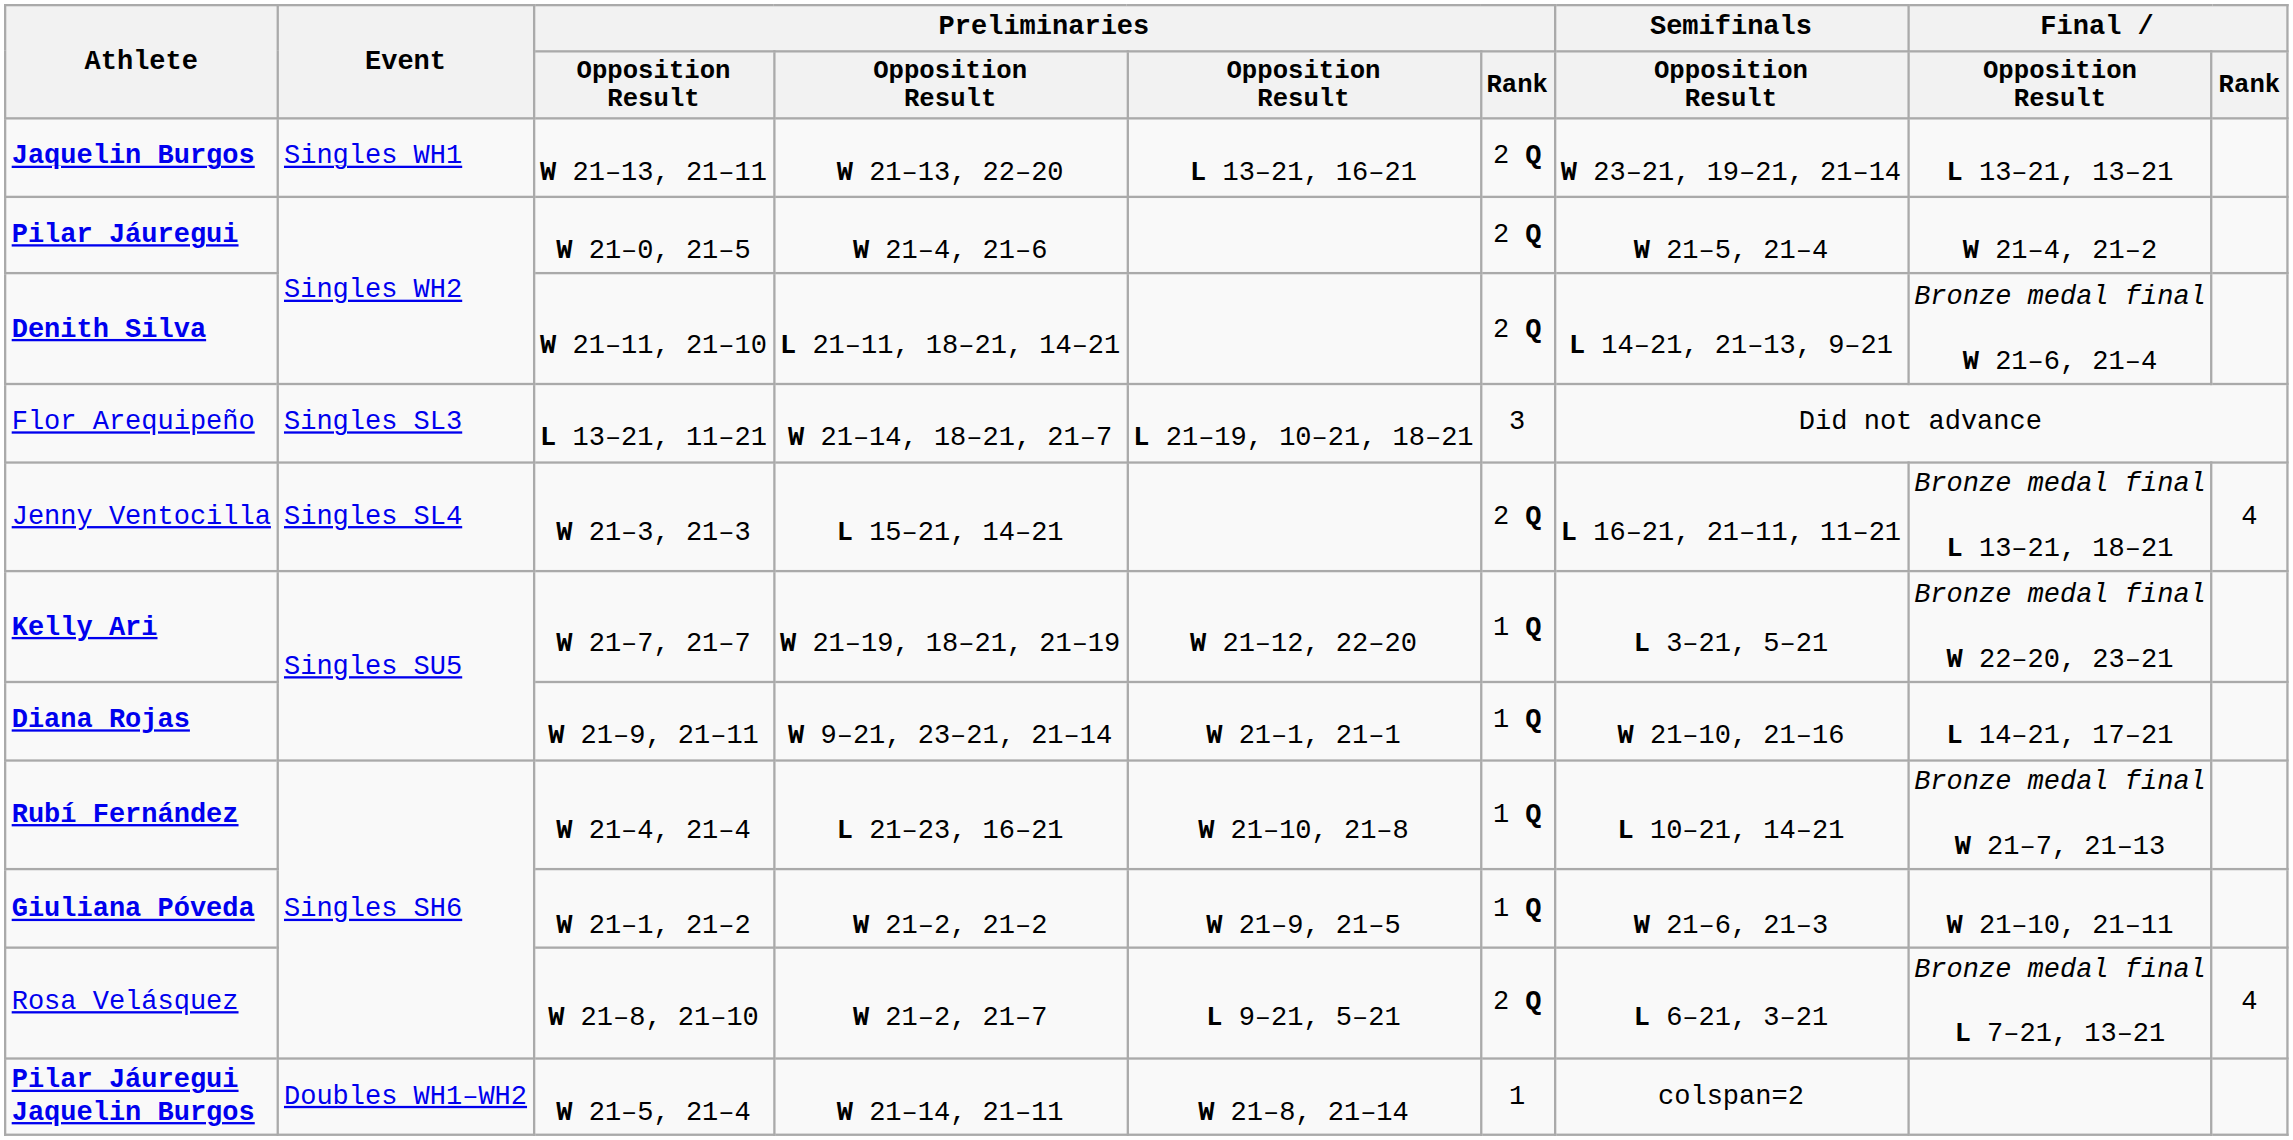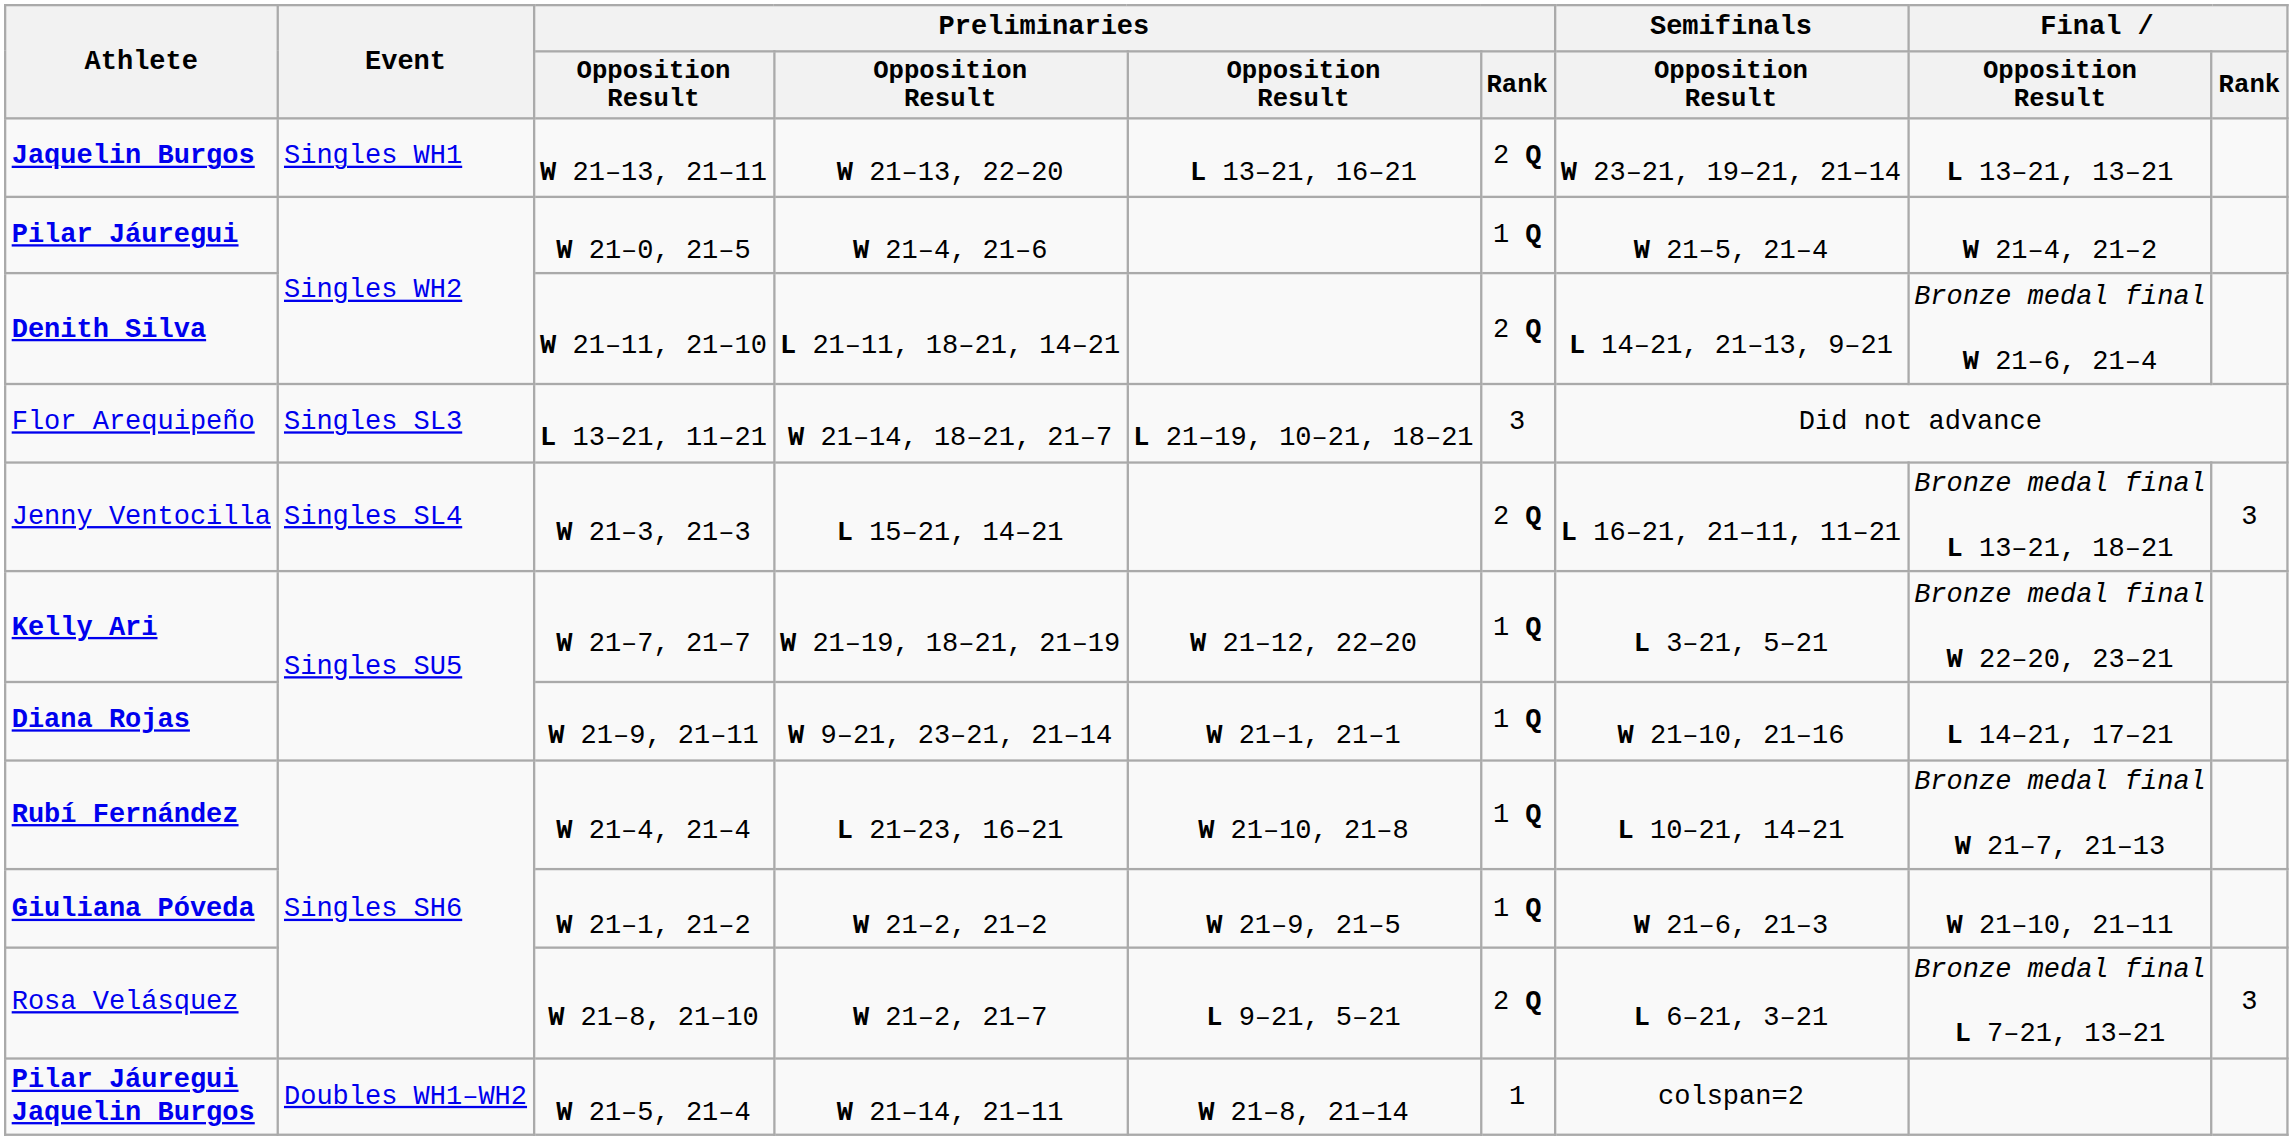 <table class=wikitable style="font-size:90%">
 <tr>
 <th rowspan="2">Athlete</th>
 <th rowspan="2">Event</th>
 <th colspan="4">Preliminaries</th>
 <th>Semifinals</th>
 <th colspan="2">Final / </th>
 </tr>
 <tr style="font-size:95%">
 <th>Opposition<br>Result</th>
 <th>Opposition<br>Result</th>
 <th>Opposition<br>Result</th>
 <th>Rank</th>
 <th>Opposition<br>Result</th>
 <th>Opposition<br>Result</th>
 <th>Rank</th>
 </tr>
 <tr align=center>
 <td align=left><strong><a href='#'>Jaquelin Burgos</a></strong></td>
 <td align=left><a href='#'>Singles WH1</a></td>
 <td><br><strong>W</strong> 21–13, 21–11</td>
 <td><br><strong>W</strong> 21–13, 22–20</td>
 <td><br><strong>L</strong> 13–21, 16–21</td>
 <td>2 <strong>Q</strong></td>
 <td><br><strong>W</strong> 23–21, 19–21, 21–14</td>
 <td><br><strong>L</strong> 13–21, 13–21</td>
 <td></td>
 </tr>
 <tr align=center>
 <td align=left><strong><a href='#'>Pilar Jáuregui</a></strong></td>
 <td align=left rowspan=2><a href='#'>Singles WH2</a></td>
 <td><br><strong>W</strong> 21–0, 21–5</td>
 <td><br><strong>W</strong> 21–4, 21–6</td>
 <td></td>
-<td>2 <strong>Q</strong></td>
+<td>1 <strong>Q</strong></td>
 <td><br><strong>W</strong> 21–5, 21–4</td>
 <td><br><strong>W</strong> 21–4, 21–2</td>
 <td></td>
 </tr>
 <tr align=center>
 <td align=left><strong><a href='#'>Denith Silva</a></strong></td>
 <td><br><strong>W</strong> 21–11, 21–10</td>
 <td><br><strong>L</strong> 21–11, 18–21, 14–21</td>
 <td></td>
 <td>2 <strong>Q</strong></td>
 <td><br><strong>L</strong> 14–21, 21–13, 9–21</td>
 <td><em>Bronze medal final</em><br><br><strong>W</strong> 21–6, 21–4</td>
 <td></td>
 </tr>
 <tr align=center>
 <td align=left><a href='#'>Flor Arequipeño</a></td>
 <td align=left><a href='#'>Singles SL3</a></td>
 <td><br><strong>L</strong> 13–21, 11–21</td>
 <td><br><strong>W</strong> 21–14, 18–21, 21–7</td>
 <td><br><strong>L</strong> 21–19, 10–21, 18–21</td>
 <td>3</td>
 <td colspan=3>Did not advance</td>
 </tr>
 <tr align=center>
 <td align=left><a href='#'>Jenny Ventocilla</a></td>
 <td align=left><a href='#'>Singles SL4</a></td>
 <td><br><strong>W</strong> 21–3, 21–3</td>
 <td><br><strong>L</strong> 15–21, 14–21</td>
 <td></td>
 <td>2 <strong>Q</strong></td>
 <td><br><strong>L</strong> 16–21, 21–11, 11–21</td>
 <td><em>Bronze medal final</em><br><br><strong>L</strong> 13–21, 18–21</td>
-<td>4</td>
+<td>3</td>
 </tr>
 <tr align=center>
 <td align=left><strong><a href='#'>Kelly Ari</a></strong></td>
 <td align=left rowspan=2><a href='#'>Singles SU5</a></td>
 <td><br><strong>W</strong> 21–7, 21–7</td>
 <td><br><strong>W</strong> 21–19, 18–21, 21–19</td>
 <td><br><strong>W</strong> 21–12, 22–20</td>
 <td>1 <strong>Q</strong></td>
 <td><br><strong>L</strong> 3–21, 5–21</td>
 <td><em>Bronze medal final</em><br><br><strong>W</strong> 22–20, 23–21</td>
 <td></td>
 </tr>
 <tr align=center>
 <td align=left><strong><a href='#'>Diana Rojas</a></strong></td>
 <td><br><strong>W</strong> 21–9, 21–11</td>
 <td><br><strong>W</strong> 9–21, 23–21, 21–14</td>
 <td><br><strong>W</strong> 21–1, 21–1</td>
 <td>1 <strong>Q</strong></td>
 <td><br><strong>W</strong> 21–10, 21–16</td>
 <td><br><strong>L</strong> 14–21, 17–21</td>
 <td></td>
 </tr>
 <tr align=center>
 <td align=left><strong><a href='#'>Rubí Fernández</a></strong></td>
 <td align=left rowspan=3><a href='#'>Singles SH6</a></td>
 <td><br><strong>W</strong> 21–4, 21–4</td>
 <td><br><strong>L</strong> 21–23, 16–21</td>
 <td><br><strong>W</strong> 21–10, 21–8</td>
 <td>1 <strong>Q</strong></td>
 <td><br><strong>L</strong> 10–21, 14–21</td>
 <td><em>Bronze medal final</em><br><br><strong>W</strong> 21–7, 21–13</td>
 <td></td>
 </tr>
 <tr align=center>
 <td align=left><strong><a href='#'>Giuliana Póveda</a></strong></td>
 <td><br><strong>W</strong> 21–1, 21–2</td>
 <td><br><strong>W</strong> 21–2, 21–2</td>
 <td><br><strong>W</strong> 21–9, 21–5</td>
 <td>1 <strong>Q</strong></td>
 <td><br><strong>W</strong> 21–6, 21–3</td>
 <td><br><strong>W</strong> 21–10, 21–11</td>
 <td></td>
 </tr>
 <tr align=center>
 <td align=left><a href='#'>Rosa Velásquez</a></td>
 <td><br><strong>W</strong> 21–8, 21–10</td>
 <td><br><strong>W</strong> 21–2, 21–7</td>
 <td><br><strong>L</strong> 9–21, 5–21</td>
 <td>2 <strong>Q</strong></td>
 <td><br><strong>L</strong> 6–21, 3–21</td>
 <td><em>Bronze medal final</em><br><br><strong>L</strong> 7–21, 13–21</td>
-<td>4</td>
+<td>3</td>
 </tr>
 <tr align=center>
 <td align=left><strong><a href='#'>Pilar Jáuregui</a><br><a href='#'>Jaquelin Burgos</a></strong></td>
 <td align=left><a href='#'>Doubles WH1–WH2</a></td>
 <td><br><strong>W</strong> 21–5, 21–4</td>
 <td><br><strong>W</strong> 21–14, 21–11</td>
 <td><br><strong>W</strong> 21–8, 21–14</td>
 <td>1</td>
 <td>colspan=2 </td>
 <td></td>
 </tr>
 </table>
